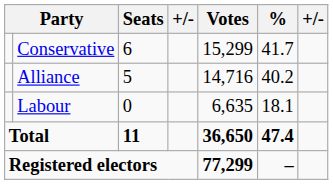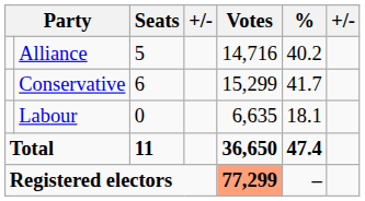 <table class="wikitable sortable">
 <tr>
 <th colspan="2">Party</th>
 <th>Seats</th>
 <th>+/-</th>
 <th>Votes</th>
 <th>%</th>
 <th>+/-</th>
 </tr>
 <tr>
 <td style="background-color: "></td>
+<td><a href='#'>Alliance</a></td>
+<td>5</td>
+<td></td>
+<td style="text-align:right;">14,716</td>
+<td style="text-align:right;">40.2</td>
+<td style="text-align:right;"></td>
+</tr>
+<tr>
+<td style="background-color: "></td>
 <td><a href='#'>Conservative</a></td>
 <td>6</td>
 <td></td>
 <td style="text-align:right;">15,299</td>
 <td style="text-align:right;">41.7</td>
-<td style="text-align:right;"></td>
-</tr>
-<tr>
-<td style="background-color: "></td>
-<td><a href='#'>Alliance</a></td>
-<td>5</td>
-<td></td>
-<td style="text-align:right;">14,716</td>
-<td style="text-align:right;">40.2</td>
 <td style="text-align:right;"></td>
 </tr>
 <tr>
 <td style="background-color: "></td>
 <td><a href='#'>Labour</a></td>
 <td>0</td>
 <td></td>
 <td style="text-align:right;">6,635</td>
 <td style="text-align:right;">18.1</td>
 <td style="text-align:right;"></td>
 </tr>
 <tr>
 <td colspan="2"><strong>Total</strong></td>
 <td><strong>11</strong></td>
 <td></td>
 <td style="text-align:right;"><strong>36,650</strong></td>
 <td style="text-align:right;"><strong>47.4</strong></td>
 <td style="text-align:right;"></td>
 </tr>
 <tr>
 <td colspan="4"><strong>Registered electors</strong></td>
-<td style="text-align:right;"><strong>77,299</strong></td>
+<td style="background: lightsalmon; text-align:right;"><strong>77,299</strong></td>
 <td style="text-align:right;"><strong>–</strong></td>
 <td style="text-align:right;"></td>
 </tr>
 </table>
